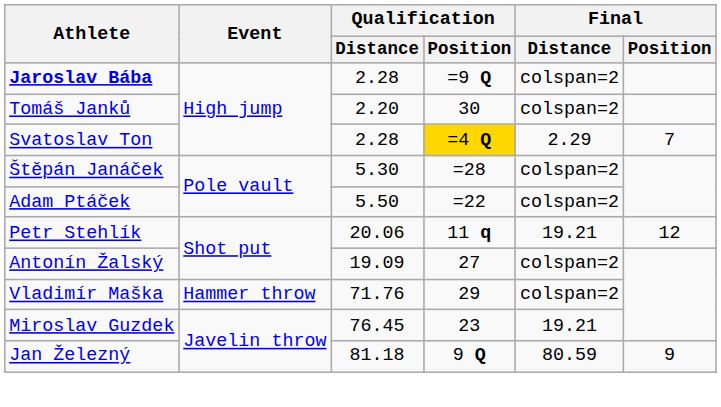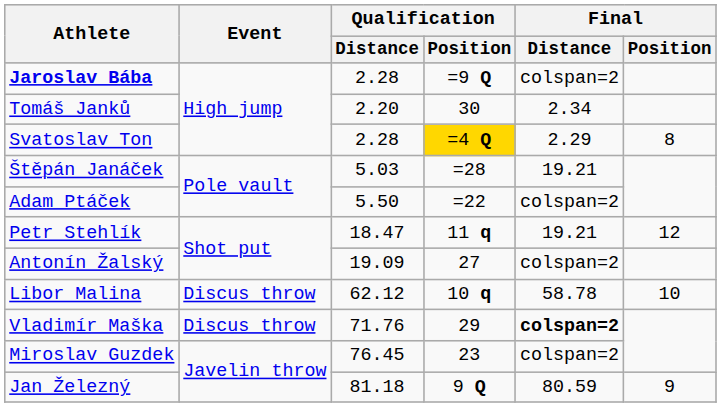 <table class=wikitable style="font-size:90%">
 <tr>
 <th rowspan="2">Athlete</th>
 <th rowspan="2">Event</th>
 <th colspan="2">Qualification</th>
 <th colspan="2">Final</th>
 </tr>
 <tr style="font-size:95%">
 <th>Distance</th>
 <th>Position</th>
 <th>Distance</th>
 <th>Position</th>
 </tr>
 <tr align=center>
 <td align=left><strong><a href='#'>Jaroslav Bába</a></strong></td>
 <td rowspan=3 align=left><a href='#'>High jump</a></td>
 <td>2.28</td>
 <td>=9 <strong>Q</strong></td>
 <td>colspan=2 </td>
 <td></td>
 </tr>
 <tr align=center>
 <td align=left><a href='#'>Tomáš Janků</a></td>
 <td>2.20</td>
 <td>30</td>
-<td>colspan=2 </td>
+<td>2.34</td>
 </tr>
 <tr align=center>
 <td align=left><a href='#'>Svatoslav Ton</a></td>
 <td>2.28</td>
 <td style="background: gold;">=4 <strong>Q</strong></td>
 <td>2.29</td>
-<td>7</td>
+<td>8</td>
 </tr>
 <tr align=center>
 <td align=left><a href='#'>Štěpán Janáček</a></td>
 <td rowspan=2 align=left><a href='#'>Pole vault</a></td>
-<td>5.30</td>
+<td>5.03</td>
 <td>=28</td>
-<td>colspan=2 </td>
+<td>19.21</td>
 </tr>
 <tr align=center>
 <td align=left><a href='#'>Adam Ptáček</a></td>
 <td>5.50</td>
 <td>=22</td>
 <td>colspan=2 </td>
 </tr>
 <tr align=center>
 <td align=left><a href='#'>Petr Stehlík</a></td>
 <td rowspan=2 align=left><a href='#'>Shot put</a></td>
-<td>20.06</td>
+<td>18.47</td>
 <td>11 <strong>q</strong></td>
 <td>19.21</td>
 <td>12</td>
 </tr>
 <tr align=center>
 <td align=left><a href='#'>Antonín Žalský</a></td>
 <td>19.09</td>
 <td>27</td>
 <td>colspan=2 </td>
 </tr>
 <tr align=center>
+<td align=left><a href='#'>Libor Malina</a></td>
+<td align=left><a href='#'>Discus throw</a></td>
+<td>62.12</td>
+<td>10 <strong>q</strong></td>
+<td>58.78</td>
+<td>10</td>
+</tr>
+<tr align=center>
 <td align=left><a href='#'>Vladimír Maška</a></td>
-<td align=left><a href='#'>Hammer throw</a></td>
+<td align=left><a href='#'>Discus throw</a></td>
 <td>71.76</td>
 <td>29</td>
-<td>colspan=2 </td>
+<td><strong>colspan=2 </strong></td>
 </tr>
 <tr align=center>
 <td align=left><a href='#'>Miroslav Guzdek</a></td>
 <td rowspan=2 align=left><a href='#'>Javelin throw</a></td>
 <td>76.45</td>
 <td>23</td>
-<td>19.21</td>
+<td>colspan=2 </td>
 </tr>
 <tr align=center>
 <td align=left><a href='#'>Jan Železný</a></td>
 <td>81.18</td>
 <td>9 <strong>Q</strong></td>
 <td>80.59</td>
 <td>9</td>
 </tr>
 </table>
